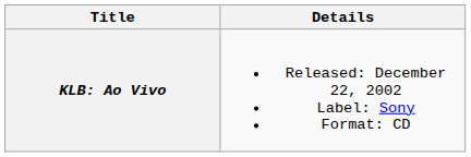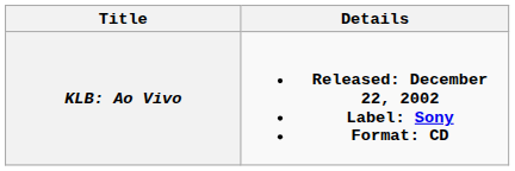 <table class="wikitable plainrowheaders" style="text-align:center;">
 <tr>
 <th scope="col" style="width:14em;">Title</th>
 <th scope="col" style="width:16em;">Details</th>
 </tr>
 <tr>
 <th scope="row"><em>KLB: Ao Vivo</em></th>
-<td><br><ul><li>Released: December 22, 2002</li><li>Label: <a href='#'>Sony</a></li><li>Format: CD</li></ul></td>
+<td><strong><br><ul><li>Released: December 22, 2002</li><li>Label: <a href='#'>Sony</a></li><li>Format: CD</li></ul></strong></td>
 </tr>
 </table>
